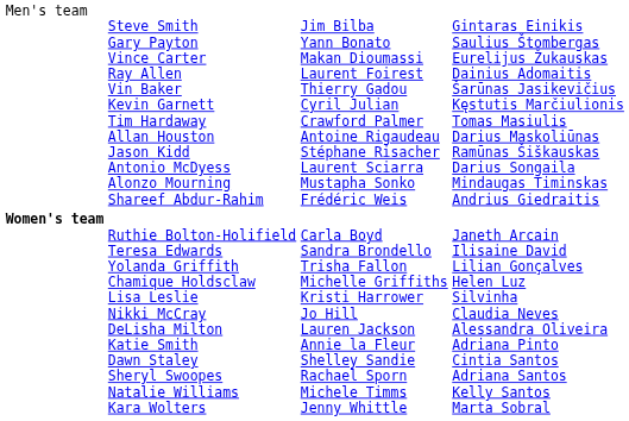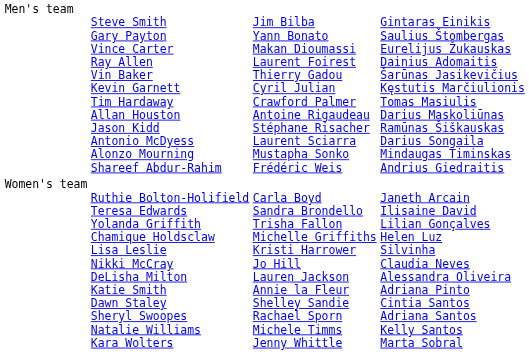 <table>
 <tr valign="top">
 <td>Men's team<br></td>
 <td><br><a href='#'>Steve Smith</a><br><a href='#'>Gary Payton</a><br><a href='#'>Vince Carter</a><br><a href='#'>Ray Allen</a><br><a href='#'>Vin Baker</a><br><a href='#'>Kevin Garnett</a><br><a href='#'>Tim Hardaway</a><br><a href='#'>Allan Houston</a><br><a href='#'>Jason Kidd</a><br><a href='#'>Antonio McDyess</a><br><a href='#'>Alonzo Mourning</a><br><a href='#'>Shareef Abdur-Rahim</a></td>
 <td><br><a href='#'>Jim Bilba</a><br><a href='#'>Yann Bonato</a><br><a href='#'>Makan Dioumassi</a><br><a href='#'>Laurent Foirest</a><br><a href='#'>Thierry Gadou</a><br><a href='#'>Cyril Julian</a><br><a href='#'>Crawford Palmer</a><br><a href='#'>Antoine Rigaudeau</a><br><a href='#'>Stéphane Risacher</a><br><a href='#'>Laurent Sciarra</a><br><a href='#'>Mustapha Sonko</a><br><a href='#'>Frédéric Weis</a></td>
 <td><br><a href='#'>Gintaras Einikis</a><br><a href='#'>Saulius Štombergas</a><br><a href='#'>Eurelijus Žukauskas</a><br><a href='#'>Dainius Adomaitis</a><br><a href='#'>Šarūnas Jasikevičius</a><br><a href='#'>Kęstutis Marčiulionis</a><br><a href='#'>Tomas Masiulis</a><br><a href='#'>Darius Maskoliūnas</a><br><a href='#'>Ramūnas Šiškauskas</a><br><a href='#'>Darius Songaila</a><br><a href='#'>Mindaugas Timinskas</a><br><a href='#'>Andrius Giedraitis</a></td>
 </tr>
 <tr valign="top">
-<td><strong>Women's team<br></strong></td>
+<td>Women's team<br></td>
 <td><br><a href='#'>Ruthie Bolton-Holifield</a><br><a href='#'>Teresa Edwards</a><br><a href='#'>Yolanda Griffith</a><br><a href='#'>Chamique Holdsclaw</a><br><a href='#'>Lisa Leslie</a><br><a href='#'>Nikki McCray</a><br><a href='#'>DeLisha Milton</a><br><a href='#'>Katie Smith</a><br><a href='#'>Dawn Staley</a><br><a href='#'>Sheryl Swoopes</a><br><a href='#'>Natalie Williams</a><br><a href='#'>Kara Wolters</a></td>
 <td><br><a href='#'>Carla Boyd</a><br><a href='#'>Sandra Brondello</a><br><a href='#'>Trisha Fallon</a><br><a href='#'>Michelle Griffiths</a><br><a href='#'>Kristi Harrower</a><br><a href='#'>Jo Hill</a><br><a href='#'>Lauren Jackson</a><br><a href='#'>Annie la Fleur</a><br><a href='#'>Shelley Sandie</a><br><a href='#'>Rachael Sporn</a><br><a href='#'>Michele Timms</a><br><a href='#'>Jenny Whittle</a></td>
 <td><br><a href='#'>Janeth Arcain</a><br><a href='#'>Ilisaine David</a><br><a href='#'>Lilian Gonçalves</a><br><a href='#'>Helen Luz</a><br><a href='#'>Silvinha</a><br><a href='#'>Claudia Neves</a><br><a href='#'>Alessandra Oliveira</a><br><a href='#'>Adriana Pinto</a><br><a href='#'>Cintia Santos</a><br><a href='#'>Adriana Santos</a><br><a href='#'>Kelly Santos</a><br><a href='#'>Marta Sobral</a></td>
 </tr>
 </table>
